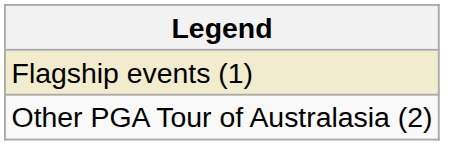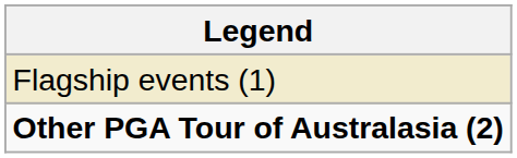 <table class="wikitable" style="font-size:95%;">
 <tr>
 <th>Legend</th>
 </tr>
 <tr style="background:#f2ecce;">
 <td>Flagship events (1)</td>
 </tr>
 <tr>
-<td>Other PGA Tour of Australasia (2)</td>
+<td><strong>Other PGA Tour of Australasia (2)</strong></td>
 </tr>
 </table>
